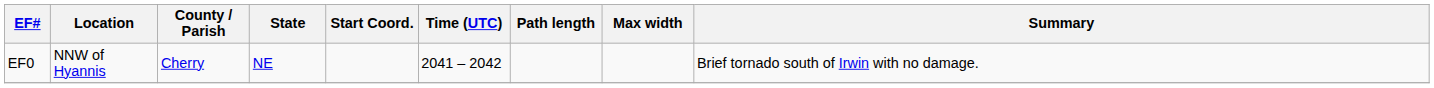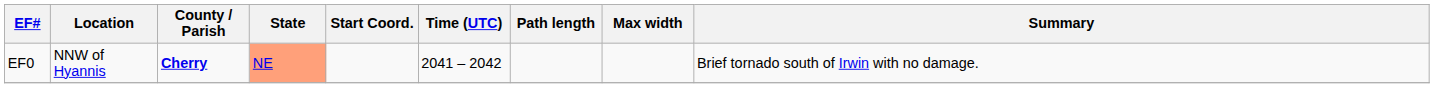 <table class="wikitable sortable" style="width:100%;">
 <tr>
 <th scope="col" width="3%" align="center"><a href='#'>EF#</a></th>
 <th scope="col" width="7%" align="center" class="unsortable">Location</th>
 <th scope="col" width="6%" align="center" class="unsortable">County / Parish</th>
 <th scope="col" width="5%" align="center">State</th>
 <th scope="col" width="6%" align="center">Start Coord.</th>
 <th scope="col" width="6%" align="center">Time (<a href='#'>UTC</a>)</th>
 <th scope="col" width="6%" align="center">Path length</th>
 <th scope="col" width="6%" align="center">Max width</th>
 <th scope="col" width="48%" class="unsortable" align="center">Summary</th>
 </tr>
 <tr>
 <td>EF0</td>
 <td>NNW of <a href='#'>Hyannis</a></td>
-<td><a href='#'>Cherry</a></td>
-<td><a href='#'>NE</a></td>
+<td><strong><a href='#'>Cherry</a></strong></td>
+<td style="background: lightsalmon;"><a href='#'>NE</a></td>
 <td></td>
 <td>2041 – 2042</td>
 <td></td>
 <td></td>
 <td>Brief tornado south of <a href='#'>Irwin</a> with no damage.</td>
 </tr>
 <tr>
 </tr>
 </table>
